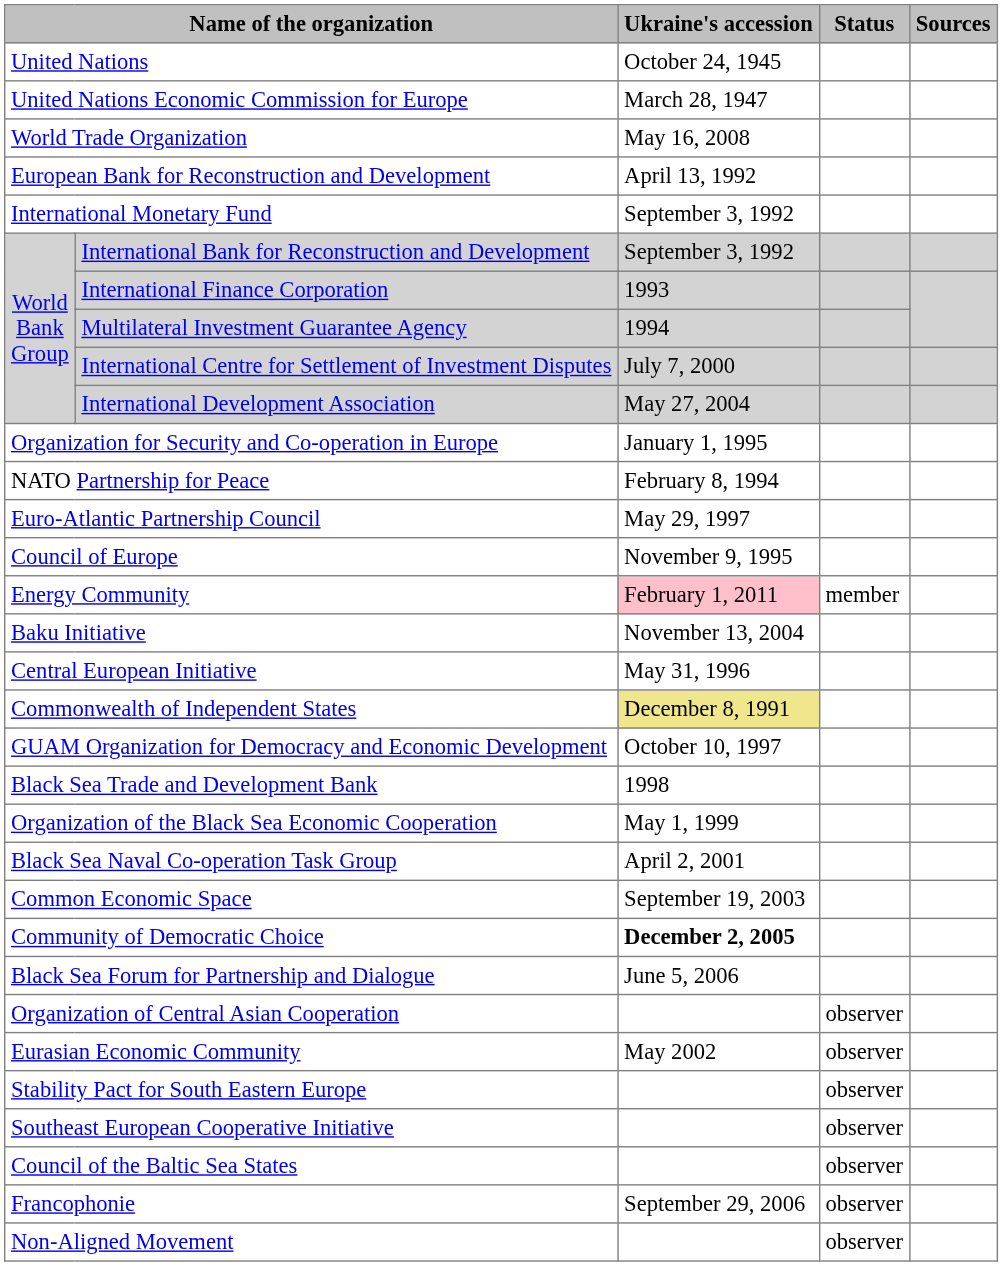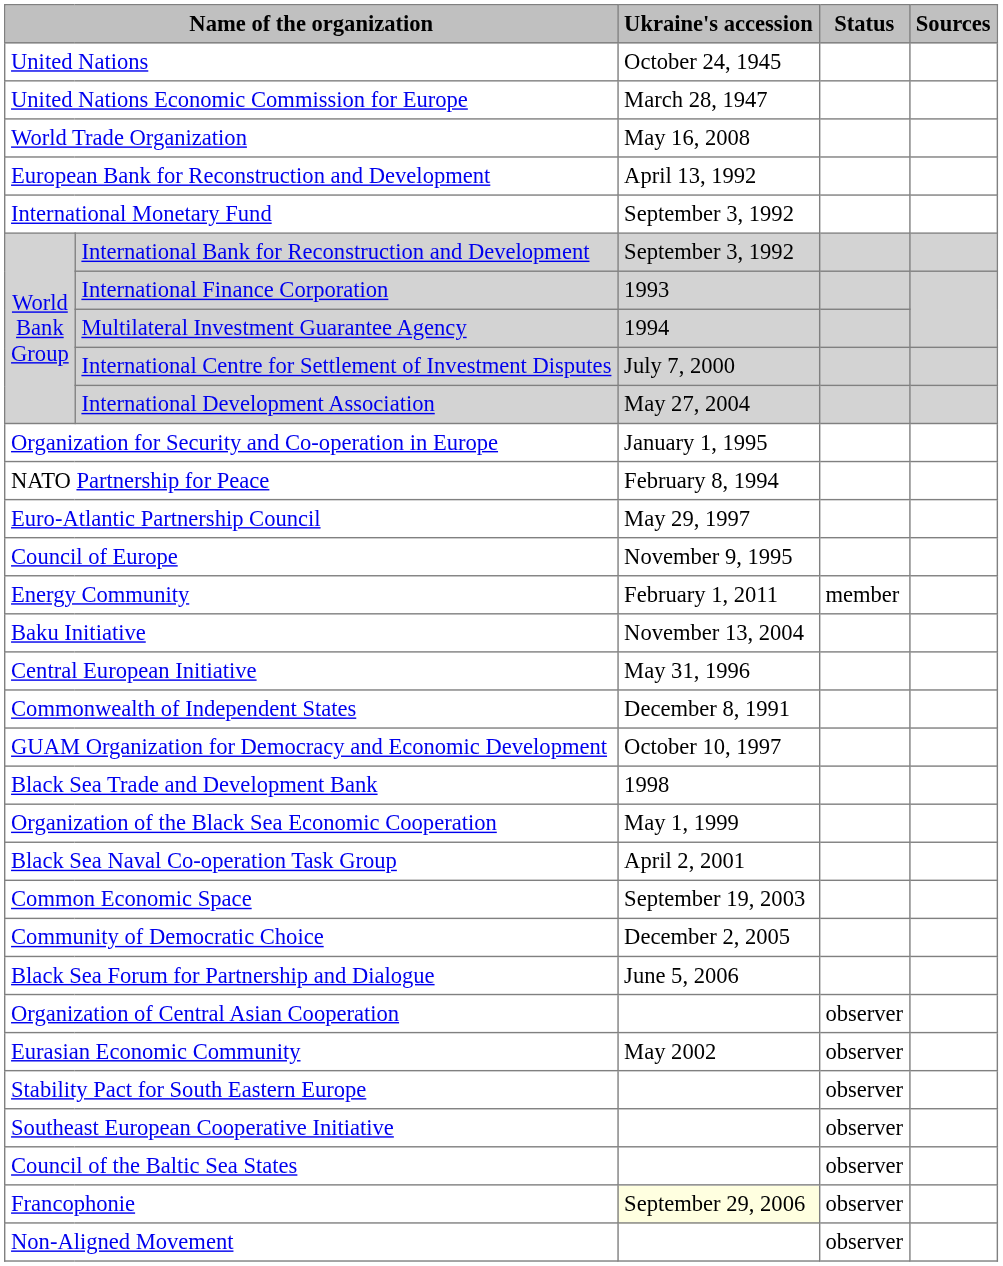 <table class="toccolours" border="1" cellpadding="4" cellspacing="0" style="border-collapse: collapse; margin:1 auto;">
 <tr>
 <th colspan=2 style="background:silver">Name of the organization</th>
 <th style="background:silver">Ukraine's accession</th>
 <th style="background:silver">Status</th>
 <th style="background:silver">Sources</th>
 </tr>
 <tr>
 <td colspan=2><a href='#'>United Nations</a></td>
 <td>October 24, 1945</td>
 <td></td>
 <td></td>
 </tr>
 <tr>
 <td colspan=2><a href='#'>United Nations Economic Commission for Europe</a></td>
 <td>March 28, 1947</td>
 <td></td>
 <td></td>
 </tr>
 <tr>
 <td colspan=2><a href='#'>World Trade Organization</a></td>
 <td>May 16, 2008</td>
 <td></td>
 <td> </td>
 </tr>
 <tr>
 <td colspan=2><a href='#'>European Bank for Reconstruction and Development</a></td>
 <td>April 13, 1992</td>
 <td></td>
 <td></td>
 </tr>
 <tr>
 <td colspan=2><a href='#'>International Monetary Fund</a></td>
 <td>September 3, 1992</td>
 <td></td>
 <td></td>
 </tr>
 <tr style="background:lightgrey">
 <td rowspan=5 style="text-align:center"><a href='#'>World<br>Bank<br>Group</a></td>
 <td><a href='#'>International Bank for Reconstruction and Development</a></td>
 <td>September 3, 1992</td>
 <td></td>
 <td></td>
 </tr>
 <tr style="background:lightgrey">
 <td><a href='#'>International Finance Corporation</a></td>
 <td>1993</td>
 <td></td>
 <td rowspan=2></td>
 </tr>
 <tr style="background:lightgrey">
 <td><a href='#'>Multilateral Investment Guarantee Agency</a></td>
 <td>1994</td>
 <td></td>
 </tr>
 <tr style="background:lightgrey">
 <td><a href='#'>International Centre for Settlement of Investment Disputes</a></td>
 <td>July 7, 2000</td>
 <td></td>
 <td> </td>
 </tr>
 <tr style="background:lightgrey">
 <td><a href='#'>International Development Association</a></td>
 <td>May 27, 2004</td>
 <td></td>
 <td></td>
 </tr>
 <tr>
 <td colspan=2><a href='#'>Organization for Security and Co-operation in Europe</a></td>
 <td>January 1, 1995</td>
 <td></td>
 <td></td>
 </tr>
 <tr>
 <td colspan=2>NATO <a href='#'>Partnership for Peace</a></td>
 <td>February 8, 1994</td>
 <td></td>
 <td></td>
 </tr>
 <tr>
 <td colspan=2><a href='#'>Euro-Atlantic Partnership Council</a></td>
 <td>May 29, 1997</td>
 <td></td>
 <td></td>
 </tr>
 <tr>
 <td colspan=2><a href='#'>Council of Europe</a></td>
 <td>November 9, 1995</td>
 <td></td>
 <td></td>
 </tr>
 <tr>
 <td colspan=2><a href='#'>Energy Community</a></td>
-<td style="background: pink;">February 1, 2011</td>
+<td>February 1, 2011</td>
 <td>member</td>
 <td></td>
 </tr>
 <tr>
 <td colspan=2><a href='#'>Baku Initiative</a></td>
 <td>November 13, 2004</td>
 <td></td>
 <td></td>
 </tr>
 <tr>
 <td colspan=2><a href='#'>Central European Initiative</a></td>
 <td>May 31, 1996</td>
 <td></td>
 <td></td>
 </tr>
 <tr>
 <td colspan=2><a href='#'>Commonwealth of Independent States</a></td>
-<td style="background: khaki;">December 8, 1991</td>
+<td>December 8, 1991</td>
 <td></td>
 <td></td>
 </tr>
 <tr>
 <td colspan=2><a href='#'>GUAM Organization for Democracy and Economic Development</a></td>
 <td>October 10, 1997</td>
 <td></td>
 <td> </td>
 </tr>
 <tr>
 <td colspan=2><a href='#'>Black Sea Trade and Development Bank</a></td>
 <td>1998</td>
 <td></td>
 <td></td>
 </tr>
 <tr>
 <td colspan=2><a href='#'>Organization of the Black Sea Economic Cooperation</a></td>
 <td>May 1, 1999</td>
 <td></td>
 <td></td>
 </tr>
 <tr>
 <td colspan=2><a href='#'>Black Sea Naval Co-operation Task Group</a></td>
 <td>April 2, 2001</td>
 <td></td>
 <td></td>
 </tr>
 <tr>
 <td colspan=2><a href='#'>Common Economic Space</a></td>
 <td>September 19, 2003</td>
 <td></td>
 <td></td>
 </tr>
 <tr>
 <td colspan=2><a href='#'>Community of Democratic Choice</a></td>
-<td><strong>December 2, 2005</strong></td>
+<td>December 2, 2005</td>
 <td></td>
 <td></td>
 </tr>
 <tr>
 <td colspan=2><a href='#'>Black Sea Forum for Partnership and Dialogue</a></td>
 <td>June 5, 2006</td>
 <td></td>
 <td></td>
 </tr>
 <tr>
 <td colspan=2><a href='#'>Organization of Central Asian Cooperation</a></td>
 <td></td>
 <td>observer</td>
 <td></td>
 </tr>
 <tr>
 <td colspan=2><a href='#'>Eurasian Economic Community</a></td>
 <td>May 2002</td>
 <td>observer</td>
 <td></td>
 </tr>
 <tr>
 <td colspan=2><a href='#'>Stability Pact for South Eastern Europe</a></td>
 <td></td>
 <td>observer</td>
 <td></td>
 </tr>
 <tr>
 <td colspan=2><a href='#'>Southeast European Cooperative Initiative</a></td>
 <td></td>
 <td>observer</td>
 <td></td>
 </tr>
 <tr>
 <td colspan=2><a href='#'>Council of the Baltic Sea States</a></td>
 <td></td>
 <td>observer</td>
 <td></td>
 </tr>
 <tr>
 <td colspan=2><a href='#'>Francophonie</a></td>
-<td>September 29, 2006</td>
+<td style="background: lightyellow;">September 29, 2006</td>
 <td>observer</td>
 <td> </td>
 </tr>
 <tr>
 <td colspan=2><a href='#'>Non-Aligned Movement</a></td>
 <td></td>
 <td>observer</td>
 <td></td>
 </tr>
 </table>
